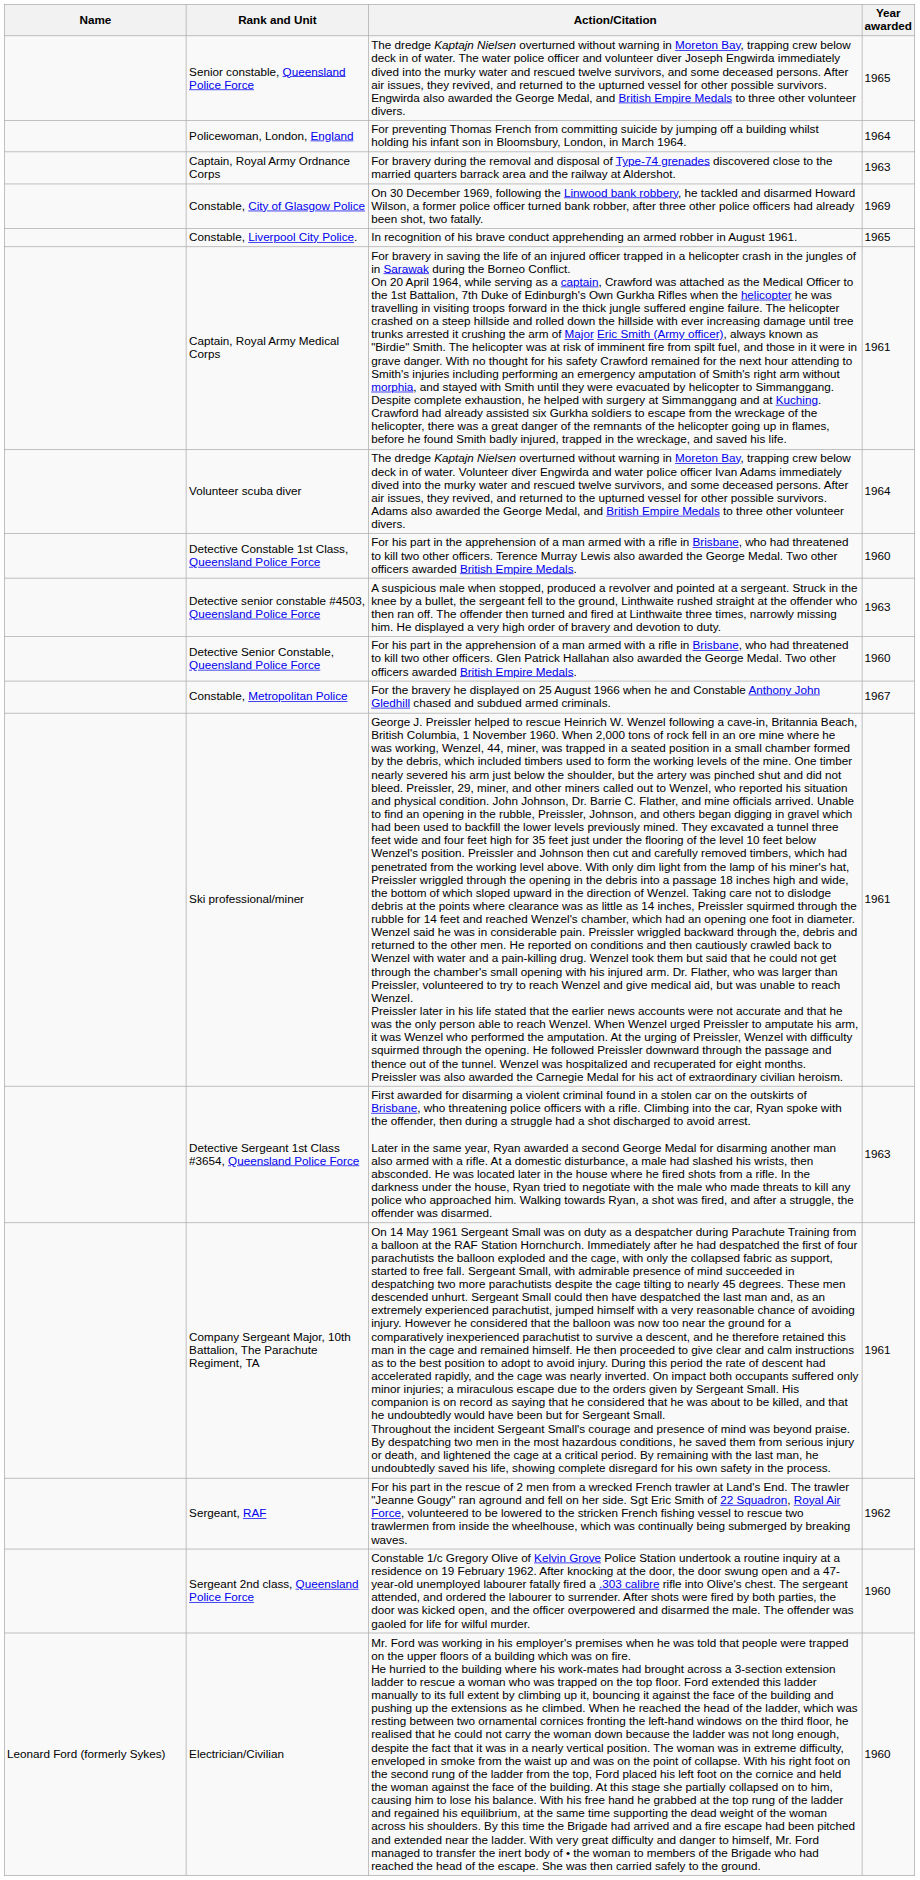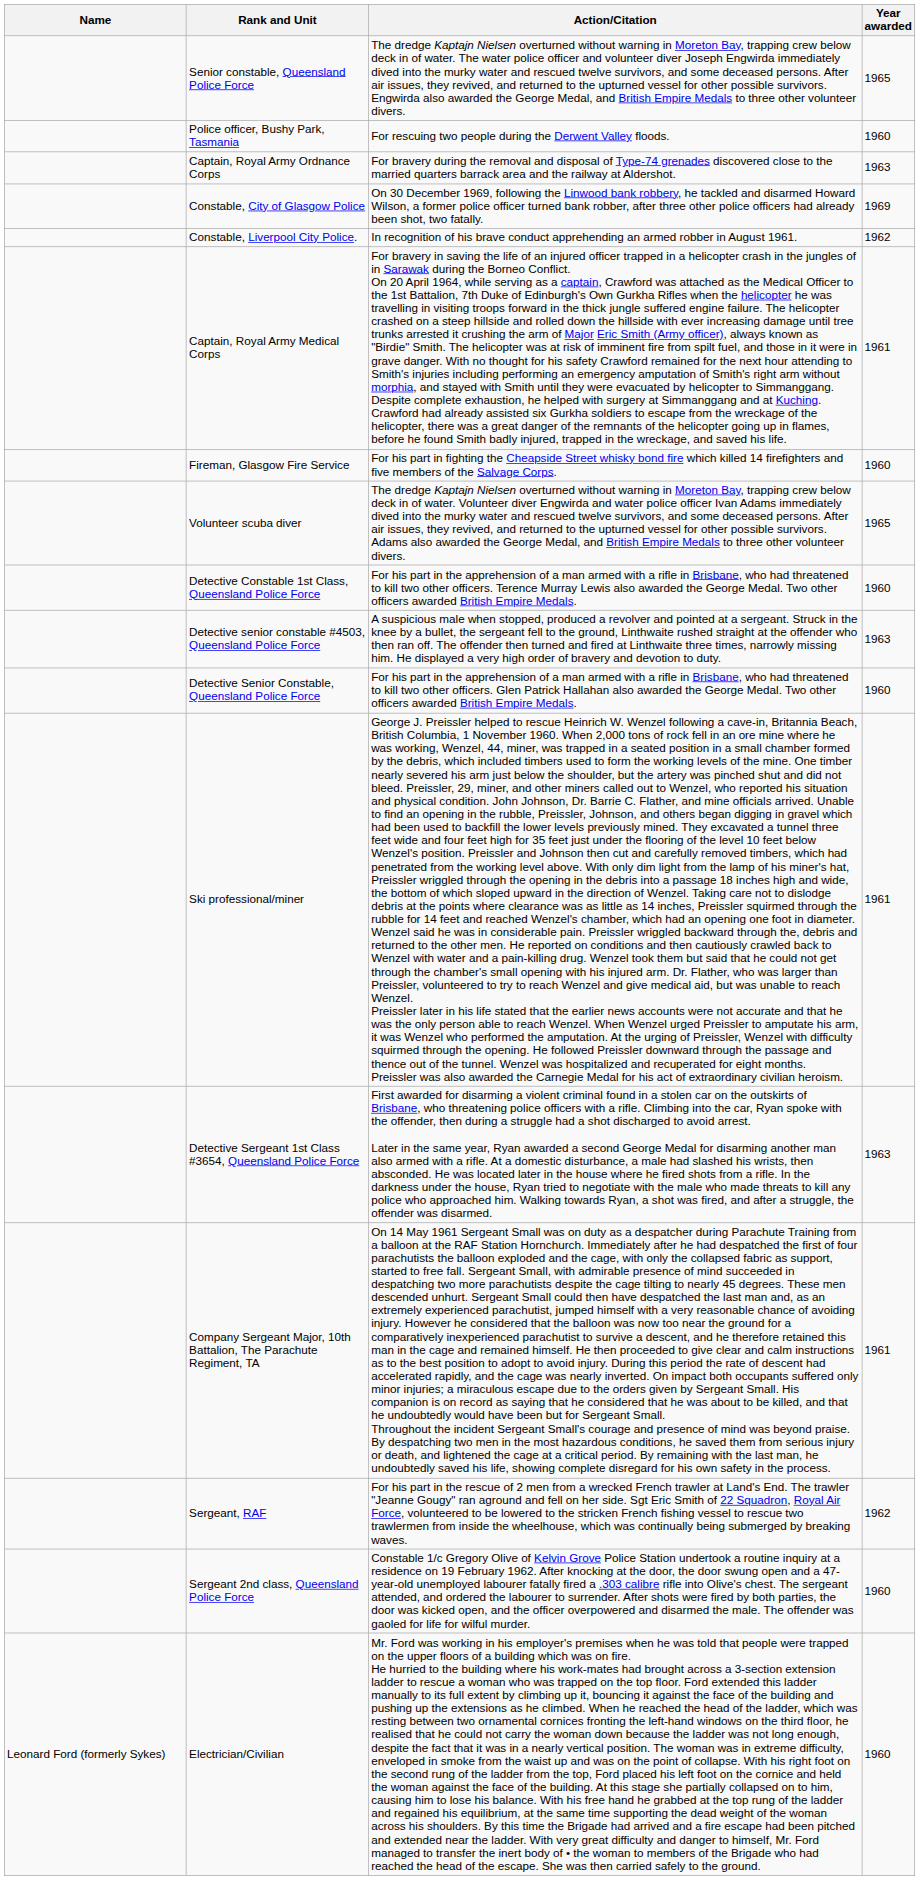 <table class="wikitable sortable">
 <tr>
 <th scope="col" width="20%">Name</th>
 <th scope="col" width="20%">Rank and Unit</th>
 <th>Action/Citation</th>
 <th scope="col" width="50">Year<br>awarded</th>
 </tr>
 <tr>
 <td></td>
 <td>Senior constable, <a href='#'>Queensland Police Force</a></td>
 <td>The dredge <em>Kaptajn Nielsen</em> overturned without warning in <a href='#'>Moreton Bay</a>, trapping crew below deck in  of water.  The water police officer and volunteer diver Joseph Engwirda immediately dived into the murky water and rescued twelve survivors, and some deceased persons.  After air issues, they revived, and returned to the upturned vessel for other possible survivors. Engwirda also awarded the George Medal, and <a href='#'>British Empire Medals</a> to three other volunteer divers.</td>
 <td>1965</td>
 </tr>
 <tr>
 <td></td>
-<td>Policewoman, London, <a href='#'>England</a></td>
-<td>For preventing Thomas French from committing suicide by jumping off a building whilst holding his infant son in Bloomsbury, London, in March 1964.</td>
-<td>1964</td>
+<td>Police officer, Bushy Park, <a href='#'>Tasmania</a></td>
+<td>For rescuing two people during the <a href='#'>Derwent Valley</a> floods.</td>
+<td>1960</td>
 </tr>
 <tr>
 <td></td>
 <td>Captain, Royal Army Ordnance Corps</td>
 <td>For bravery during the removal and disposal of <a href='#'>Type-74 grenades</a> discovered close to the married quarters barrack area and the railway at Aldershot.</td>
 <td>1963</td>
 </tr>
 <tr>
 <td></td>
 <td>Constable, <a href='#'>City of Glasgow Police</a></td>
 <td>On 30 December 1969, following the <a href='#'>Linwood bank robbery</a>, he tackled and disarmed Howard Wilson, a former police officer turned bank robber, after three other police officers had already been shot, two fatally.</td>
 <td>1969</td>
 </tr>
 <tr>
 <td></td>
 <td>Constable, <a href='#'>Liverpool City Police</a>.</td>
 <td>In recognition of his brave conduct apprehending an armed robber in August 1961.</td>
-<td>1965</td>
+<td>1962</td>
 </tr>
 <tr>
 <td></td>
 <td>Captain, Royal Army Medical Corps</td>
 <td>For bravery in saving the life of an injured officer trapped in a helicopter crash in the jungles of in <a href='#'>Sarawak</a> during the Borneo Conflict.<br>On 20 April 1964, while serving as a <a href='#'>captain</a>, Crawford was attached as the Medical Officer to the 1st Battalion, 7th Duke of Edinburgh's Own Gurkha Rifles when the <a href='#'>helicopter</a> he was travelling in visiting troops forward in the thick jungle suffered engine failure. The helicopter crashed on a steep hillside and rolled down the hillside with ever increasing damage until tree trunks arrested it crushing the arm of <a href='#'>Major</a> <a href='#'>Eric Smith (Army officer)</a>, always known as "Birdie" Smith. The helicopter was at risk of imminent fire from spilt fuel, and those in it were in grave danger. With no thought for his safety Crawford remained for the next hour attending to Smith's injuries including performing an emergency amputation of Smith's right arm without <a href='#'>morphia</a>, and stayed with Smith until they were evacuated by helicopter to Simmanggang. Despite complete exhaustion, he helped with surgery at Simmanggang and at <a href='#'>Kuching</a>. Crawford had already assisted six Gurkha soldiers to escape from the wreckage of the helicopter, there was a great danger of the remnants of the helicopter going up in flames, before he found Smith badly injured, trapped in the wreckage, and saved his life.</td>
 <td>1961</td>
 </tr>
 <tr>
 <td></td>
+<td>Fireman, Glasgow Fire Service</td>
+<td>For his part in fighting the <a href='#'>Cheapside Street whisky bond fire</a> which killed 14 firefighters and five members of the <a href='#'>Salvage Corps</a>.</td>
+<td>1960</td>
+</tr>
+<tr>
+<td></td>
 <td>Volunteer scuba diver</td>
 <td>The dredge <em>Kaptajn Nielsen</em> overturned without warning in <a href='#'>Moreton Bay</a>, trapping crew below deck in  of water.  Volunteer diver Engwirda and water police officer Ivan Adams immediately dived into the murky water and rescued twelve survivors, and some deceased persons.  After air issues, they revived, and returned to the upturned vessel for other possible survivors. Adams also awarded the George Medal, and <a href='#'>British Empire Medals</a> to three other volunteer divers.</td>
-<td>1964</td>
+<td>1965</td>
 </tr>
 <tr>
 <td></td>
 <td>Detective Constable 1st Class, <a href='#'>Queensland Police Force</a></td>
 <td>For his part in the apprehension of a man armed with a rifle in <a href='#'>Brisbane</a>, who had threatened to kill two other officers. Terence Murray Lewis also awarded the George Medal.  Two other officers awarded <a href='#'>British Empire Medals</a>.</td>
 <td>1960</td>
 </tr>
 <tr>
 <td></td>
 <td>Detective senior constable #4503, <a href='#'>Queensland Police Force</a></td>
 <td>A suspicious male when stopped, produced a revolver and pointed at a sergeant.  Struck in the knee by a bullet, the sergeant fell to the ground, Linthwaite rushed straight at the offender who then ran off.  The offender then turned and fired at Linthwaite three times, narrowly missing him.  He displayed a very high order of bravery and devotion to duty.</td>
 <td>1963</td>
 </tr>
 <tr>
 <td></td>
 <td>Detective Senior Constable, <a href='#'>Queensland Police Force</a></td>
 <td>For his part in the apprehension of a man armed with a rifle in <a href='#'>Brisbane</a>, who had threatened to kill two other officers. Glen Patrick Hallahan also awarded the George Medal.  Two other officers awarded <a href='#'>British Empire Medals</a>.</td>
 <td>1960</td>
-</tr>
-<tr>
-<td></td>
-<td>Constable, <a href='#'>Metropolitan Police</a></td>
-<td>For the bravery he displayed on 25 August 1966 when he and Constable <a href='#'>Anthony John Gledhill</a> chased and subdued armed criminals.</td>
-<td>1967</td>
 </tr>
 <tr>
 <td></td>
 <td>Ski professional/miner</td>
 <td>George J. Preissler helped to rescue Heinrich W. Wenzel following a cave-in, Britannia Beach, British Columbia, 1 November 1960.  When 2,000 tons of rock fell in an ore mine where he was working, Wenzel, 44, miner, was trapped in a seated position in a small chamber formed by the debris, which included timbers used to form the working levels of the mine. One timber nearly severed his arm just below the shoulder, but the artery was pinched shut and did not bleed.  Preissler, 29, miner, and other miners called out to Wenzel, who reported his situation and physical condition.  John Johnson, Dr. Barrie C. Flather, and mine officials arrived.  Unable to find an opening in the rubble, Preissler, Johnson, and others began digging in gravel which had been used to backfill the lower levels previously mined.  They excavated a tunnel three feet wide and four feet high for 35 feet just under the flooring of the level 10 feet below Wenzel's position.  Preissler and Johnson then cut and carefully removed timbers, which had penetrated from the working level above.  With only dim light from the lamp of his miner's hat, Preissler wriggled through the opening in the debris into a passage 18 inches high and wide, the bottom of which sloped upward in the direction of Wenzel. Taking care not to dislodge debris at the points where clearance was as little as 14 inches, Preissler squirmed through the rubble for 14 feet and reached Wenzel's chamber, which had an opening one foot in diameter.  Wenzel said he was in considerable pain.  Preissler wriggled backward through the, debris and returned to the other men.  He reported on conditions and then cautiously crawled back to Wenzel with water and a pain-killing drug.  Wenzel took them but said that he could not get through the chamber's small opening with his injured arm.  Dr. Flather, who was larger than Preissler, volunteered to try to reach Wenzel and give medical aid, but was unable to reach Wenzel.<br>Preissler later in his life stated that the earlier news accounts were not accurate and that he was the only person able to reach Wenzel.  When Wenzel urged Preissler to amputate his arm, it was Wenzel who performed the amputation. At the urging of Preissler, Wenzel with difficulty squirmed through the opening.  He followed Preissler downward through the passage and thence out of the tunnel.  Wenzel was hospitalized and recuperated for eight months.<br>Preissler was also awarded the Carnegie Medal for his act of extraordinary civilian heroism.</td>
 <td>1961</td>
 </tr>
 <tr>
 <td></td>
 <td>Detective Sergeant 1st Class #3654, <a href='#'>Queensland Police Force</a></td>
 <td>First awarded for disarming a violent criminal found in a stolen car on the outskirts of <a href='#'>Brisbane</a>, who threatening police officers with a rifle.  Climbing into the car, Ryan spoke with the offender, then during a struggle had a shot discharged to avoid arrest.  <br><br>Later in the same year, Ryan awarded a second George Medal for disarming another man also armed with a rifle.  At a domestic disturbance, a male had slashed his wrists, then absconded.  He was located later in the house where he fired shots from a rifle.  In the darkness under the house, Ryan tried to negotiate with the male who made threats to kill any police who approached him.  Walking towards Ryan, a shot was fired, and after a struggle, the offender was disarmed.</td>
 <td>1963<br></td>
 </tr>
 <tr>
 <td></td>
 <td>Company Sergeant Major, 10th Battalion, The Parachute Regiment, TA</td>
 <td>On 14 May 1961 Sergeant Small was on duty as a despatcher during Parachute Training from a balloon at the RAF Station Hornchurch. Immediately after he had despatched the first of four parachutists the balloon exploded and the cage, with only the collapsed fabric as support, started to free fall. Sergeant Small, with admirable presence of mind succeeded in despatching two more parachutists despite the cage tilting to nearly 45 degrees. These men descended unhurt. Sergeant Small could then have despatched the last man and, as an extremely experienced parachutist, jumped himself with a very reasonable chance of avoiding injury. However he considered that the balloon was now too near the ground for a comparatively inexperienced parachutist to survive a descent, and he therefore retained this man in the cage and remained himself. He then proceeded to give clear and calm instructions as to the best position to adopt to avoid injury. During this period the rate of descent had accelerated rapidly, and the cage was nearly inverted. On impact both occupants suffered only minor injuries; a miraculous escape due to the orders given by Sergeant Small. His companion is on record as saying that he considered that he was about to be killed, and that he undoubtedly would have been but for Sergeant Small.<br>Throughout the incident Sergeant Small's courage and presence of mind was beyond praise. By despatching two men in the most hazardous conditions, he saved them from serious injury or death, and lightened the cage at a critical period. By remaining with the last man, he undoubtedly saved his life, showing complete disregard for his own safety in the process.</td>
 <td>1961</td>
 </tr>
 <tr>
 <td></td>
 <td>Sergeant, <a href='#'>RAF</a></td>
 <td>For his part in the rescue of 2 men from a wrecked French trawler at Land's End. The trawler "Jeanne Gougy" ran aground and fell on her side. Sgt Eric Smith of <a href='#'>22 Squadron</a>, <a href='#'>Royal Air Force</a>, volunteered to be lowered to the stricken French fishing vessel to rescue two trawlermen from inside the wheelhouse, which was continually being submerged by breaking waves.</td>
 <td>1962</td>
 </tr>
 <tr>
 <td></td>
 <td>Sergeant 2nd class, <a href='#'>Queensland Police Force</a></td>
 <td>Constable 1/c Gregory Olive of <a href='#'>Kelvin Grove</a> Police Station undertook a routine inquiry at a residence on 19 February 1962.  After knocking at the door, the door swung open and a 47-year-old unemployed labourer fatally fired a <a href='#'>.303 calibre</a> rifle into Olive's chest.  The sergeant attended, and ordered the labourer to surrender.  After shots were fired by both parties, the door was kicked open, and the officer overpowered and disarmed the male.  The offender was gaoled for life for wilful murder.</td>
 <td>1960</td>
 </tr>
 <tr>
 <td>Leonard Ford (formerly Sykes)</td>
 <td>Electrician/Civilian</td>
 <td>Mr. Ford was working in his employer's premises when he was told that people were trapped on the upper floors of a building which was on fire.<br>He hurried to the building where his work-mates had brought across a 3-section extension ladder to rescue a woman who was trapped on the top floor. Ford extended this ladder manually to its full extent by climbing up it, bouncing it against the face of the building and pushing up the extensions as he climbed. When he reached the head of the ladder, which was resting between two ornamental cornices fronting the left-hand windows on the third floor, he realised that he could not carry the woman down because the ladder was not long enough, despite the fact that it was in a nearly vertical position. The woman was in extreme difficulty, enveloped in smoke from the waist up and was on the point of collapse. With his right foot on the second rung of the ladder from the top, Ford placed his left foot on the cornice and held the woman against the face of the building. At this stage she partially collapsed on to him, causing him to lose his balance. With his free hand he grabbed at the top rung of the ladder and regained his equilibrium, at the same time supporting the dead weight of the woman across his shoulders. By this time the Brigade had arrived and a fire escape had been pitched and extended near the ladder. With very great difficulty and danger to himself, Mr. Ford managed to transfer the inert body of • the woman to members of the Brigade who had reached the head of the escape. She was then carried safely to the ground.</td>
 <td>1960</td>
 </tr>
 </table>
